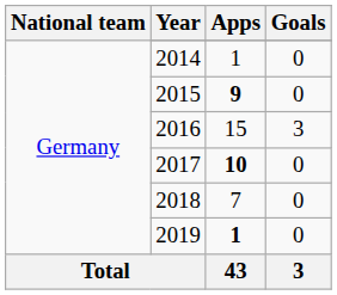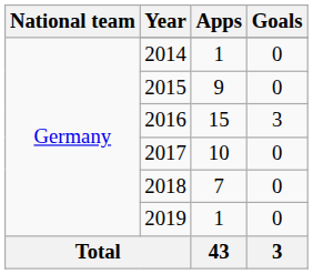 <table class="wikitable" style="text-align:center">
 <tr>
 <th>National team</th>
 <th>Year</th>
 <th>Apps</th>
 <th>Goals</th>
 </tr>
 <tr>
 <td rowspan=7><a href='#'>Germany</a></td>
 </tr>
 <tr>
 <td>2014</td>
 <td>1</td>
 <td>0</td>
 </tr>
 <tr>
 <td>2015</td>
-<td><strong>9</strong></td>
+<td>9</td>
 <td>0</td>
 </tr>
 <tr>
 <td>2016</td>
 <td>15</td>
 <td>3</td>
 </tr>
 <tr>
 <td>2017</td>
-<td><strong>10</strong></td>
+<td>10</td>
 <td>0</td>
 </tr>
 <tr>
 <td>2018</td>
 <td>7</td>
 <td>0</td>
 </tr>
 <tr>
 <td>2019</td>
-<td><strong>1</strong></td>
+<td>1</td>
 <td>0</td>
 </tr>
 <tr>
 <th colspan=2>Total</th>
 <th>43</th>
 <th>3</th>
 </tr>
 </table>
